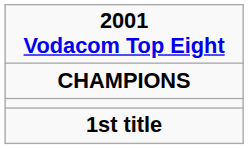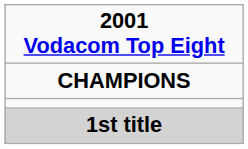 <table class="wikitable" style="text-align: center; margin: 0 auto; width: 20%">
 <tr>
 <td><strong>2001</strong> <br> <strong><a href='#'>Vodacom Top Eight</a></strong></td>
 </tr>
 <tr>
 <td><strong>CHAMPIONS</strong></td>
 </tr>
 <tr>
 <td><strong></strong></td>
 </tr>
 <tr>
-<td><strong>1st title </strong></td>
+<td style="background: lightgrey;"><strong>1st title </strong></td>
 </tr>
 </table>
